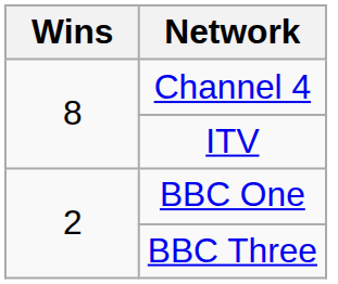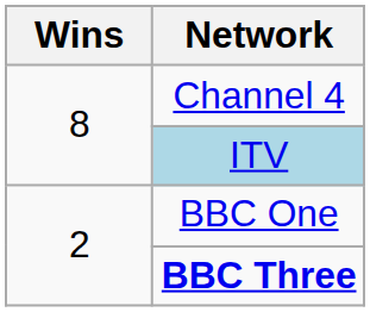 <table class="wikitable floatright" style="text-align: center;">
 <tr>
 <th scope="col" style="width:55px;">Wins</th>
 <th scope="col" style="text-align:center;">Network</th>
 </tr>
 <tr>
 <td scope=row rowspan=2 style="text-align:center">8</td>
 <td><a href='#'>Channel 4</a></td>
 </tr>
 <tr>
-<td><a href='#'>ITV</a></td>
+<td style="background: lightblue;"><a href='#'>ITV</a></td>
 </tr>
 <tr>
 <td scope=row rowspan=2 style="text-align:center">2</td>
 <td><a href='#'>BBC One</a></td>
 </tr>
 <tr>
-<td><a href='#'>BBC Three</a></td>
+<td><strong><a href='#'>BBC Three</a></strong></td>
 </tr>
 </table>
